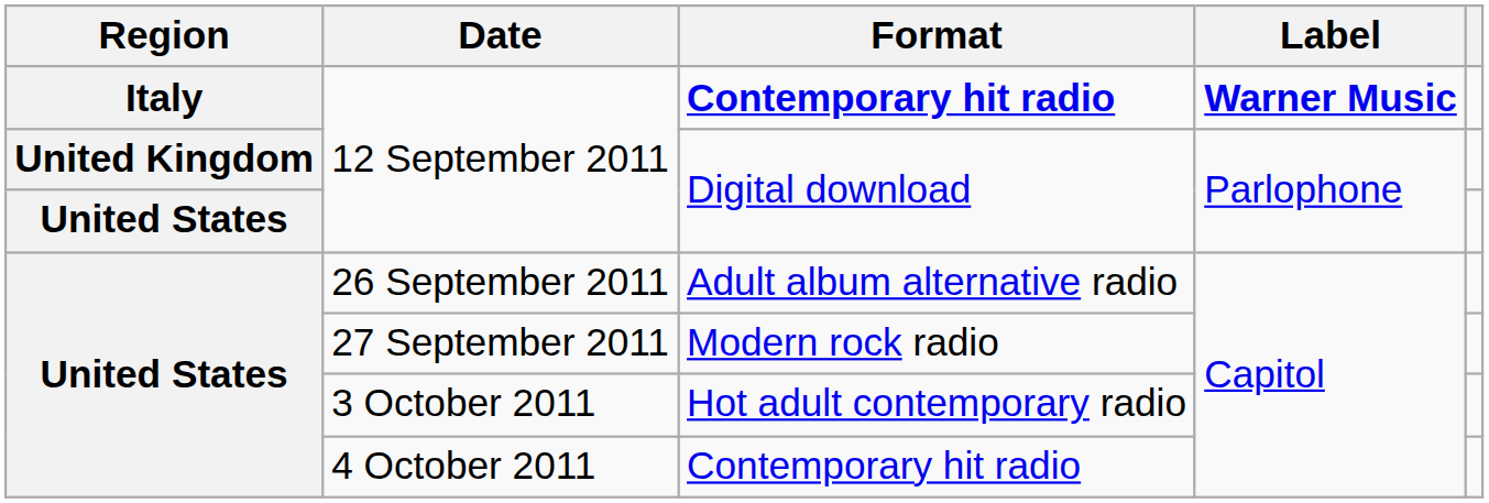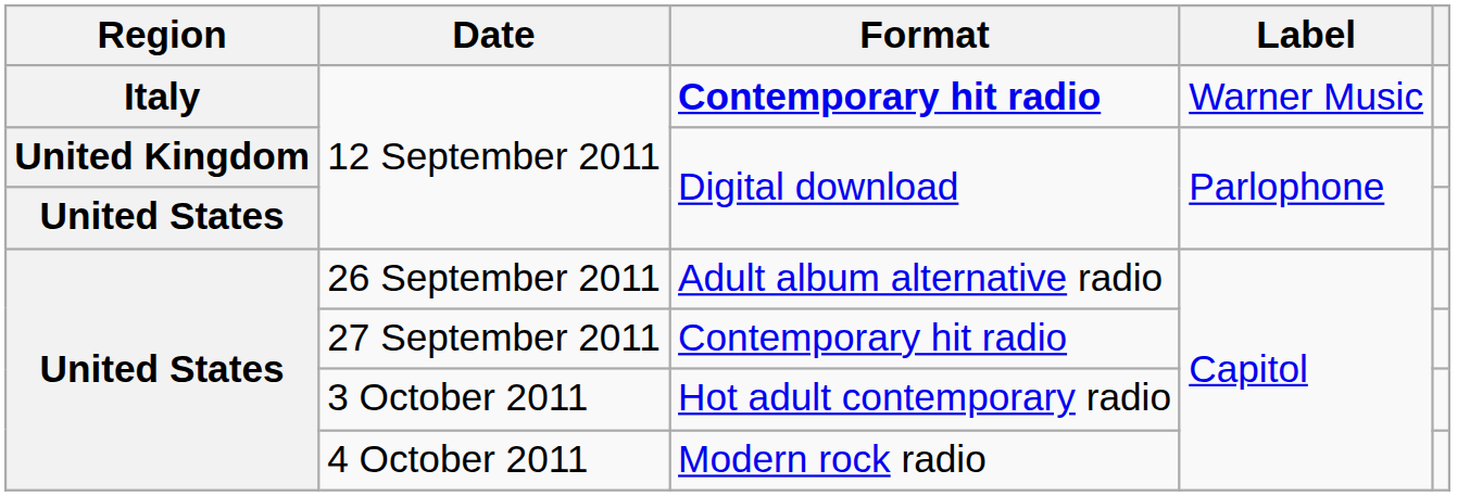 <table class="wikitable plainrowheaders">
 <tr>
 <th scope="col">Region</th>
 <th scope="col">Date</th>
 <th scope="col">Format</th>
 <th scope="col">Label</th>
 <th scope="col"></th>
 </tr>
 <tr>
 <th scope="row">Italy</th>
 <td rowspan="3">12 September 2011</td>
 <td><strong><a href='#'>Contemporary hit radio</a></strong></td>
-<td><strong><a href='#'>Warner Music</a></strong></td>
+<td><a href='#'>Warner Music</a></td>
 <td></td>
 </tr>
 <tr>
 <th scope="row">United Kingdom</th>
 <td rowspan="2"><a href='#'>Digital download</a></td>
 <td rowspan="2"><a href='#'>Parlophone</a></td>
 <td></td>
 </tr>
 <tr>
 <th scope="row">United States</th>
 <td></td>
 </tr>
 <tr>
 <th scope="row" rowspan="4">United States</th>
 <td>26 September 2011</td>
 <td><a href='#'>Adult album alternative</a> radio</td>
 <td rowspan="4"><a href='#'>Capitol</a></td>
 <td></td>
 </tr>
 <tr>
 <td>27 September 2011</td>
-<td><a href='#'>Modern rock</a> radio</td>
+<td><a href='#'>Contemporary hit radio</a></td>
 <td></td>
 </tr>
 <tr>
 <td>3 October 2011</td>
 <td><a href='#'>Hot adult contemporary</a> radio</td>
 <td></td>
 </tr>
 <tr>
 <td>4 October 2011</td>
-<td><a href='#'>Contemporary hit radio</a></td>
+<td><a href='#'>Modern rock</a> radio</td>
 <td></td>
 </tr>
 </table>
